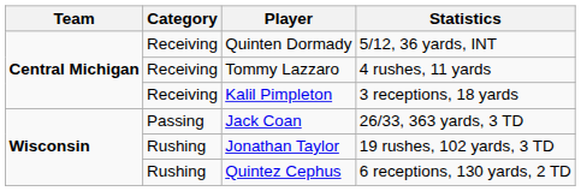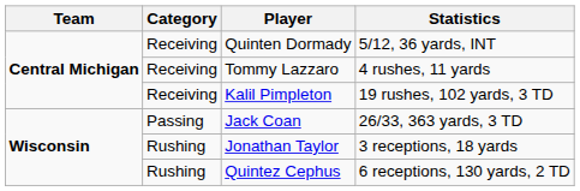 <table class="wikitable" style="float: left;">
 <tr>
 <th>Team</th>
 <th>Category</th>
 <th>Player</th>
 <th>Statistics</th>
 </tr>
 <tr>
 <td rowspan=3><strong>Central Michigan</strong></td>
 <td>Receiving</td>
 <td>Quinten Dormady</td>
 <td>5/12, 36 yards, INT</td>
 </tr>
 <tr>
 <td>Receiving</td>
 <td>Tommy Lazzaro</td>
 <td>4 rushes, 11 yards</td>
 </tr>
 <tr>
 <td>Receiving</td>
 <td><a href='#'>Kalil Pimpleton</a></td>
-<td>3 receptions, 18 yards</td>
+<td>19 rushes, 102 yards, 3 TD</td>
 </tr>
 <tr>
 <td rowspan=3><strong>Wisconsin</strong></td>
 <td>Passing</td>
 <td><a href='#'>Jack Coan</a></td>
 <td>26/33, 363 yards, 3 TD</td>
 </tr>
 <tr>
 <td>Rushing</td>
 <td><a href='#'>Jonathan Taylor</a></td>
-<td>19 rushes, 102 yards, 3 TD</td>
+<td>3 receptions, 18 yards</td>
 </tr>
 <tr>
 <td>Rushing</td>
 <td><a href='#'>Quintez Cephus</a></td>
 <td>6 receptions, 130 yards, 2 TD</td>
 </tr>
 </table>
